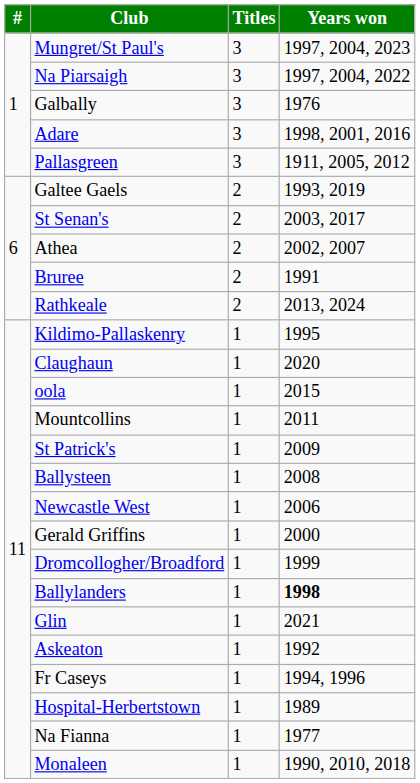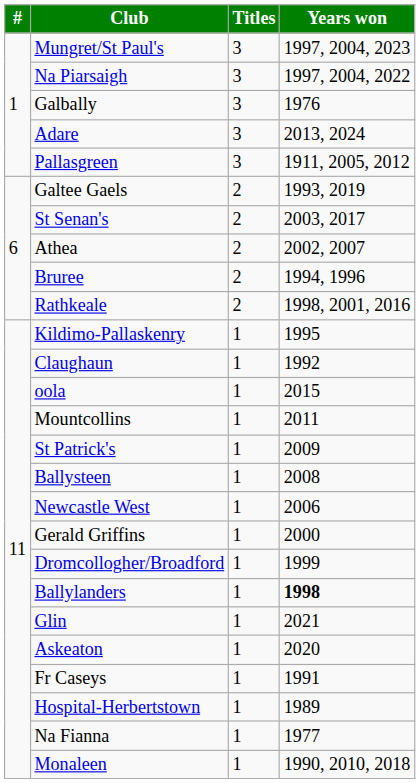 <table class="wikitable sortable" style="text-align:left">
 <tr>
 <th style="background:green;color:white">#</th>
 <th style="background:green;color:white">Club</th>
 <th style="background:green;color:white">Titles</th>
 <th style="background:green;color:white">Years won</th>
 </tr>
 <tr>
 <td rowspan=5>1</td>
 <td><a href='#'>Mungret/St Paul's</a></td>
 <td>3</td>
 <td>1997, 2004, 2023</td>
 </tr>
 <tr>
 <td><a href='#'>Na Piarsaigh</a></td>
 <td>3</td>
 <td>1997, 2004, 2022</td>
 </tr>
 <tr>
 <td>Galbally</td>
 <td>3</td>
 <td>1976</td>
 </tr>
 <tr>
 <td><a href='#'>Adare</a></td>
 <td>3</td>
-<td>1998, 2001, 2016</td>
+<td>2013, 2024</td>
 </tr>
 <tr>
 <td><a href='#'>Pallasgreen</a></td>
 <td>3</td>
 <td>1911, 2005, 2012</td>
 </tr>
 <tr>
 <td rowspan=5>6</td>
 <td>Galtee Gaels</td>
 <td>2</td>
 <td>1993, 2019</td>
 </tr>
 <tr>
 <td><a href='#'>St Senan's</a></td>
 <td>2</td>
 <td>2003, 2017</td>
 </tr>
 <tr>
 <td>Athea</td>
 <td>2</td>
 <td>2002, 2007</td>
 </tr>
 <tr>
 <td><a href='#'>Bruree</a></td>
 <td>2</td>
-<td>1991</td>
+<td>1994, 1996</td>
 </tr>
 <tr>
 <td><a href='#'>Rathkeale</a></td>
 <td>2</td>
-<td>2013, 2024</td>
+<td>1998, 2001, 2016</td>
 </tr>
 <tr>
 <td rowspan=16>11</td>
 <td><a href='#'>Kildimo-Pallaskenry</a></td>
 <td>1</td>
 <td>1995</td>
 </tr>
 <tr>
 <td><a href='#'>Claughaun</a></td>
 <td>1</td>
-<td>2020</td>
+<td>1992</td>
 </tr>
 <tr>
 <td><a href='#'>oola</a></td>
 <td>1</td>
 <td>2015</td>
 </tr>
 <tr>
 <td>Mountcollins</td>
 <td>1</td>
 <td>2011</td>
 </tr>
 <tr>
 <td><a href='#'>St Patrick's</a></td>
 <td>1</td>
 <td>2009</td>
 </tr>
 <tr>
 <td><a href='#'>Ballysteen</a></td>
 <td>1</td>
 <td>2008</td>
 </tr>
 <tr>
 <td><a href='#'>Newcastle West</a></td>
 <td>1</td>
 <td>2006</td>
 </tr>
 <tr>
 <td>Gerald Griffins</td>
 <td>1</td>
 <td>2000</td>
 </tr>
 <tr>
 <td><a href='#'>Dromcollogher/Broadford</a></td>
 <td>1</td>
 <td>1999</td>
 </tr>
 <tr>
 <td><a href='#'>Ballylanders</a></td>
 <td>1</td>
 <td><strong>1998</strong></td>
 </tr>
 <tr>
 <td><a href='#'>Glin</a></td>
 <td>1</td>
 <td>2021</td>
 </tr>
 <tr>
 <td><a href='#'>Askeaton</a></td>
 <td>1</td>
-<td>1992</td>
+<td>2020</td>
 </tr>
 <tr>
 <td>Fr Caseys</td>
 <td>1</td>
-<td>1994, 1996</td>
+<td>1991</td>
 </tr>
 <tr>
 <td><a href='#'>Hospital-Herbertstown</a></td>
 <td>1</td>
 <td>1989</td>
 </tr>
 <tr>
 <td>Na Fianna</td>
 <td>1</td>
 <td>1977</td>
 </tr>
 <tr>
 <td><a href='#'>Monaleen</a></td>
 <td>1</td>
 <td>1990, 2010, 2018</td>
 </tr>
 </table>
